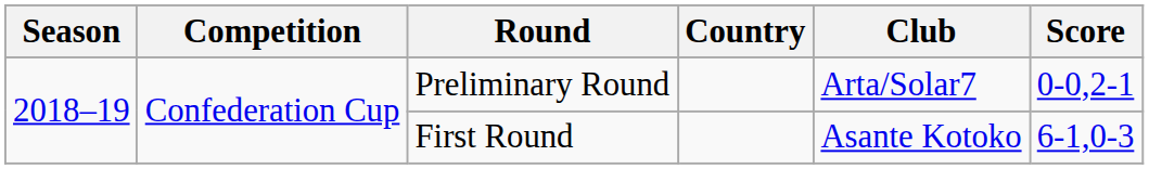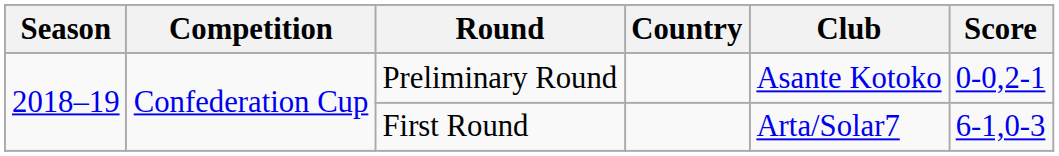 <table class="wikitable">
 <tr>
 <th>Season</th>
 <th>Competition</th>
 <th>Round</th>
 <th>Country</th>
 <th>Club</th>
 <th>Score</th>
 </tr>
 <tr>
 <td rowspan=2><a href='#'>2018–19</a></td>
 <td rowspan=2><a href='#'>Confederation Cup</a></td>
 <td>Preliminary Round</td>
 <td></td>
-<td><a href='#'>Arta/Solar7</a></td>
+<td><a href='#'>Asante Kotoko</a></td>
 <td><a href='#'>0-0,2-1</a></td>
 </tr>
 <tr>
 <td>First Round</td>
 <td></td>
-<td><a href='#'>Asante Kotoko</a></td>
+<td><a href='#'>Arta/Solar7</a></td>
 <td><a href='#'>6-1,0-3</a></td>
 </tr>
 </table>
